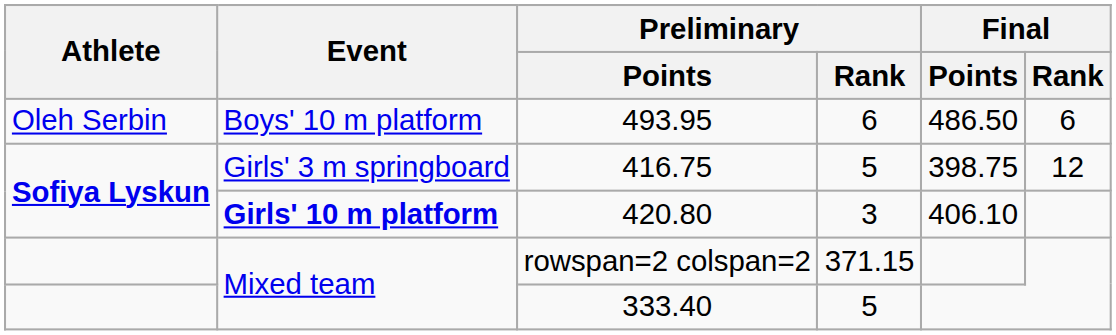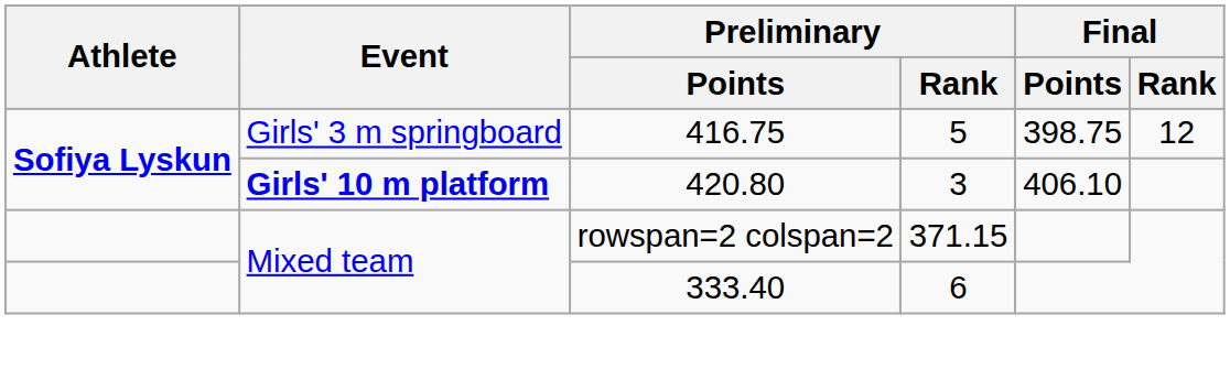 <table class="wikitable" style="text-align:center;font-size:90%">
 <tr>
 <th rowspan=2>Athlete</th>
 <th rowspan=2>Event</th>
 <th colspan=2>Preliminary</th>
 <th colspan=2>Final</th>
 </tr>
 <tr>
 <th>Points</th>
 <th>Rank</th>
 <th>Points</th>
 <th>Rank</th>
-</tr>
-<tr>
-<td align=left><a href='#'>Oleh Serbin</a></td>
-<td align=left><a href='#'>Boys' 10 m platform</a></td>
-<td>493.95</td>
-<td>6</td>
-<td>486.50</td>
-<td>6</td>
 </tr>
 <tr>
 <td align=left rowspan=2><strong><a href='#'>Sofiya Lyskun</a></strong></td>
 <td align=left><a href='#'>Girls' 3 m springboard</a></td>
 <td>416.75</td>
 <td>5</td>
 <td>398.75</td>
 <td>12</td>
 </tr>
 <tr>
 <td align=left><strong><a href='#'>Girls' 10 m platform</a></strong></td>
 <td>420.80</td>
 <td>3</td>
 <td>406.10</td>
 <td></td>
 </tr>
 <tr>
 <td align=left><strong><br></strong></td>
 <td rowspan=2 align=left><a href='#'>Mixed team</a></td>
 <td>rowspan=2 colspan=2 </td>
 <td>371.15</td>
 <td></td>
 </tr>
 <tr>
 <td align=left><br></td>
 <td>333.40</td>
-<td>5</td>
+<td>6</td>
 </tr>
 </table>
